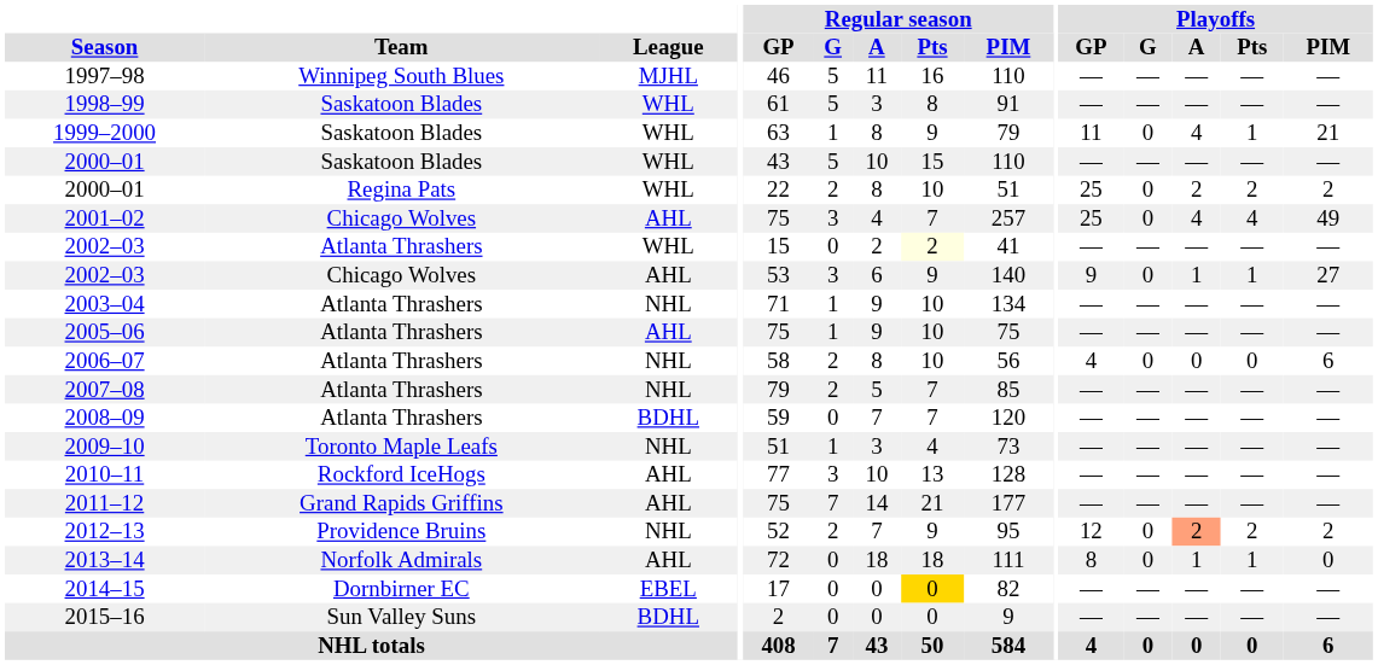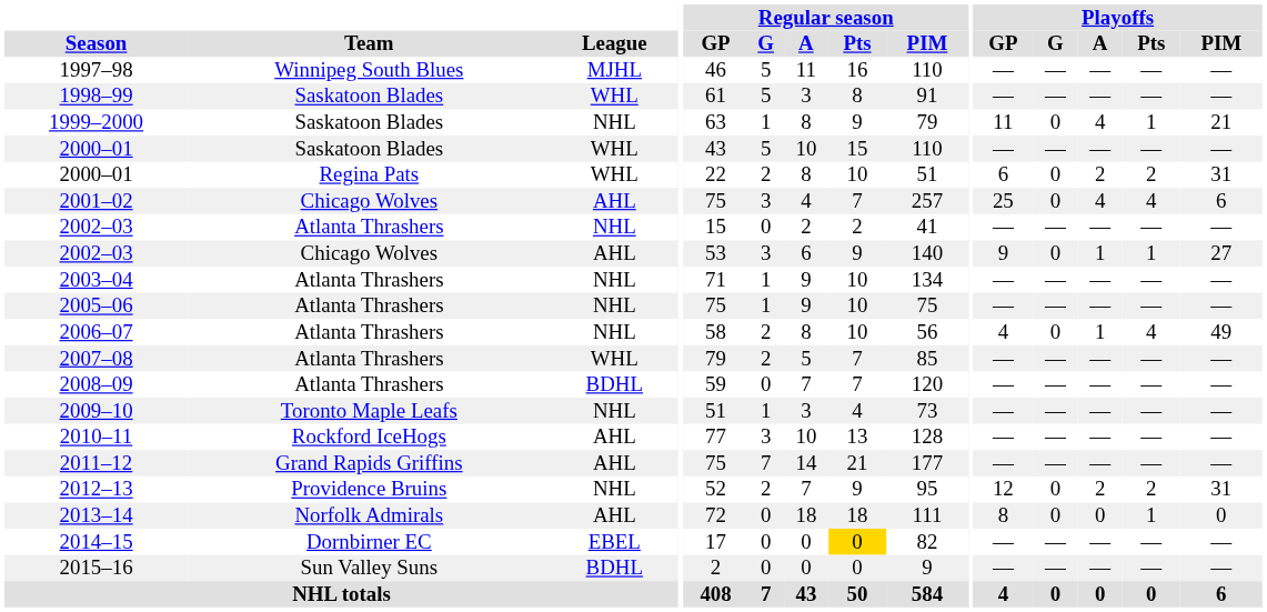 <table border="0" cellpadding="1" cellspacing="0" style="text-align:center; width:60em">
 <tr bgcolor="#e0e0e0">
 <th colspan="3" bgcolor="#ffffff"></th>
 <th rowspan="99" bgcolor="#ffffff"></th>
 <th colspan="5"><a href='#'>Regular season</a></th>
 <th rowspan="99" bgcolor="#ffffff"></th>
 <th colspan="5"><a href='#'>Playoffs</a></th>
 </tr>
 <tr bgcolor="#e0e0e0">
 <th><a href='#'>Season</a></th>
 <th>Team</th>
 <th>League</th>
 <th>GP</th>
 <th><a href='#'>G</a></th>
 <th><a href='#'>A</a></th>
 <th><a href='#'>Pts</a></th>
 <th><a href='#'>PIM</a></th>
 <th>GP</th>
 <th>G</th>
 <th>A</th>
 <th>Pts</th>
 <th>PIM</th>
 </tr>
 <tr>
 <td>1997–98</td>
 <td><a href='#'>Winnipeg South Blues</a></td>
 <td><a href='#'>MJHL</a></td>
 <td>46</td>
 <td>5</td>
 <td>11</td>
 <td>16</td>
 <td>110</td>
 <td>—</td>
 <td>—</td>
 <td>—</td>
 <td>—</td>
 <td>—</td>
 </tr>
 <tr bgcolor="#f0f0f0">
 <td><a href='#'>1998–99</a></td>
 <td><a href='#'>Saskatoon Blades</a></td>
 <td><a href='#'>WHL</a></td>
 <td>61</td>
 <td>5</td>
 <td>3</td>
 <td>8</td>
 <td>91</td>
 <td>—</td>
 <td>—</td>
 <td>—</td>
 <td>—</td>
 <td>—</td>
 </tr>
 <tr>
 <td><a href='#'>1999–2000</a></td>
 <td>Saskatoon Blades</td>
-<td>WHL</td>
+<td>NHL</td>
 <td>63</td>
 <td>1</td>
 <td>8</td>
 <td>9</td>
 <td>79</td>
 <td>11</td>
 <td>0</td>
 <td>4</td>
 <td>1</td>
 <td>21</td>
 </tr>
 <tr bgcolor="#f0f0f0">
 <td><a href='#'>2000–01</a></td>
 <td>Saskatoon Blades</td>
 <td>WHL</td>
 <td>43</td>
 <td>5</td>
 <td>10</td>
 <td>15</td>
 <td>110</td>
 <td>—</td>
 <td>—</td>
 <td>—</td>
 <td>—</td>
 <td>—</td>
 </tr>
 <tr>
 <td>2000–01</td>
 <td><a href='#'>Regina Pats</a></td>
 <td>WHL</td>
 <td>22</td>
 <td>2</td>
 <td>8</td>
 <td>10</td>
 <td>51</td>
-<td>25</td>
+<td>6</td>
 <td>0</td>
 <td>2</td>
 <td>2</td>
-<td>2</td>
+<td>31</td>
 </tr>
 <tr bgcolor="#f0f0f0">
 <td><a href='#'>2001–02</a></td>
 <td><a href='#'>Chicago Wolves</a></td>
 <td><a href='#'>AHL</a></td>
 <td>75</td>
 <td>3</td>
 <td>4</td>
 <td>7</td>
 <td>257</td>
 <td>25</td>
 <td>0</td>
 <td>4</td>
 <td>4</td>
-<td>49</td>
+<td>6</td>
 </tr>
 <tr>
 <td><a href='#'>2002–03</a></td>
 <td><a href='#'>Atlanta Thrashers</a></td>
-<td>WHL</td>
+<td><a href='#'>NHL</a></td>
 <td>15</td>
 <td>0</td>
 <td>2</td>
-<td style="background: lightyellow;">2</td>
+<td>2</td>
 <td>41</td>
 <td>—</td>
 <td>—</td>
 <td>—</td>
 <td>—</td>
 <td>—</td>
 </tr>
 <tr bgcolor="#f0f0f0">
 <td><a href='#'>2002–03</a></td>
 <td>Chicago Wolves</td>
 <td>AHL</td>
 <td>53</td>
 <td>3</td>
 <td>6</td>
 <td>9</td>
 <td>140</td>
 <td>9</td>
 <td>0</td>
 <td>1</td>
 <td>1</td>
 <td>27</td>
 </tr>
 <tr>
 <td><a href='#'>2003–04</a></td>
 <td>Atlanta Thrashers</td>
 <td>NHL</td>
 <td>71</td>
 <td>1</td>
 <td>9</td>
 <td>10</td>
 <td>134</td>
 <td>—</td>
 <td>—</td>
 <td>—</td>
 <td>—</td>
 <td>—</td>
 </tr>
 <tr bgcolor="#f0f0f0">
 <td><a href='#'>2005–06</a></td>
 <td>Atlanta Thrashers</td>
-<td><a href='#'>AHL</a></td>
+<td>NHL</td>
 <td>75</td>
 <td>1</td>
 <td>9</td>
 <td>10</td>
 <td>75</td>
 <td>—</td>
 <td>—</td>
 <td>—</td>
 <td>—</td>
 <td>—</td>
 </tr>
 <tr>
 <td><a href='#'>2006–07</a></td>
 <td>Atlanta Thrashers</td>
 <td>NHL</td>
 <td>58</td>
 <td>2</td>
 <td>8</td>
 <td>10</td>
 <td>56</td>
 <td>4</td>
 <td>0</td>
-<td>0</td>
-<td>0</td>
-<td>6</td>
+<td>1</td>
+<td>4</td>
+<td>49</td>
 </tr>
 <tr bgcolor="#f0f0f0">
 <td><a href='#'>2007–08</a></td>
 <td>Atlanta Thrashers</td>
-<td>NHL</td>
+<td>WHL</td>
 <td>79</td>
 <td>2</td>
 <td>5</td>
 <td>7</td>
 <td>85</td>
 <td>—</td>
 <td>—</td>
 <td>—</td>
 <td>—</td>
 <td>—</td>
 </tr>
 <tr>
 <td><a href='#'>2008–09</a></td>
 <td>Atlanta Thrashers</td>
 <td><a href='#'>BDHL</a></td>
 <td>59</td>
 <td>0</td>
 <td>7</td>
 <td>7</td>
 <td>120</td>
 <td>—</td>
 <td>—</td>
 <td>—</td>
 <td>—</td>
 <td>—</td>
 </tr>
 <tr bgcolor="#f0f0f0">
 <td><a href='#'>2009–10</a></td>
 <td><a href='#'>Toronto Maple Leafs</a></td>
 <td>NHL</td>
 <td>51</td>
 <td>1</td>
 <td>3</td>
 <td>4</td>
 <td>73</td>
 <td>—</td>
 <td>—</td>
 <td>—</td>
 <td>—</td>
 <td>—</td>
 </tr>
 <tr>
 <td><a href='#'>2010–11</a></td>
 <td><a href='#'>Rockford IceHogs</a></td>
 <td>AHL</td>
 <td>77</td>
 <td>3</td>
 <td>10</td>
 <td>13</td>
 <td>128</td>
 <td>—</td>
 <td>—</td>
 <td>—</td>
 <td>—</td>
 <td>—</td>
 </tr>
 <tr bgcolor="#f0f0f0">
 <td><a href='#'>2011–12</a></td>
 <td><a href='#'>Grand Rapids Griffins</a></td>
 <td>AHL</td>
 <td>75</td>
 <td>7</td>
 <td>14</td>
 <td>21</td>
 <td>177</td>
 <td>—</td>
 <td>—</td>
 <td>—</td>
 <td>—</td>
 <td>—</td>
 </tr>
 <tr>
 <td><a href='#'>2012–13</a></td>
 <td><a href='#'>Providence Bruins</a></td>
 <td>NHL</td>
 <td>52</td>
 <td>2</td>
 <td>7</td>
 <td>9</td>
 <td>95</td>
 <td>12</td>
 <td>0</td>
-<td style="background: lightsalmon;">2</td>
 <td>2</td>
 <td>2</td>
+<td>31</td>
 </tr>
 <tr bgcolor="#f0f0f0">
 <td><a href='#'>2013–14</a></td>
 <td><a href='#'>Norfolk Admirals</a></td>
 <td>AHL</td>
 <td>72</td>
 <td>0</td>
 <td>18</td>
 <td>18</td>
 <td>111</td>
 <td>8</td>
 <td>0</td>
-<td>1</td>
+<td>0</td>
 <td>1</td>
 <td>0</td>
 </tr>
 <tr>
 <td><a href='#'>2014–15</a></td>
 <td><a href='#'>Dornbirner EC</a></td>
 <td><a href='#'>EBEL</a></td>
 <td>17</td>
 <td>0</td>
 <td>0</td>
 <td style="background: gold;">0</td>
 <td>82</td>
 <td>—</td>
 <td>—</td>
 <td>—</td>
 <td>—</td>
 <td>—</td>
 </tr>
 <tr bgcolor="#f0f0f0">
 <td>2015–16</td>
 <td>Sun Valley Suns</td>
 <td><a href='#'>BDHL</a></td>
 <td>2</td>
 <td>0</td>
 <td>0</td>
 <td>0</td>
 <td>9</td>
 <td>—</td>
 <td>—</td>
 <td>—</td>
 <td>—</td>
 <td>—</td>
 </tr>
 <tr bgcolor="#e0e0e0">
 <th colspan="3">NHL totals</th>
 <th>408</th>
 <th>7</th>
 <th>43</th>
 <th>50</th>
 <th>584</th>
 <th>4</th>
 <th>0</th>
 <th>0</th>
 <th>0</th>
 <th>6</th>
 </tr>
 </table>
